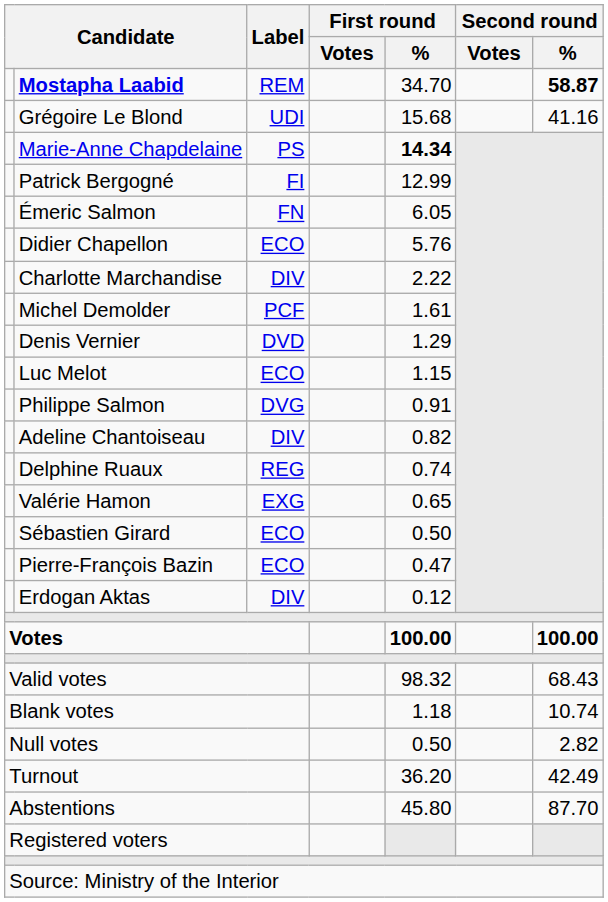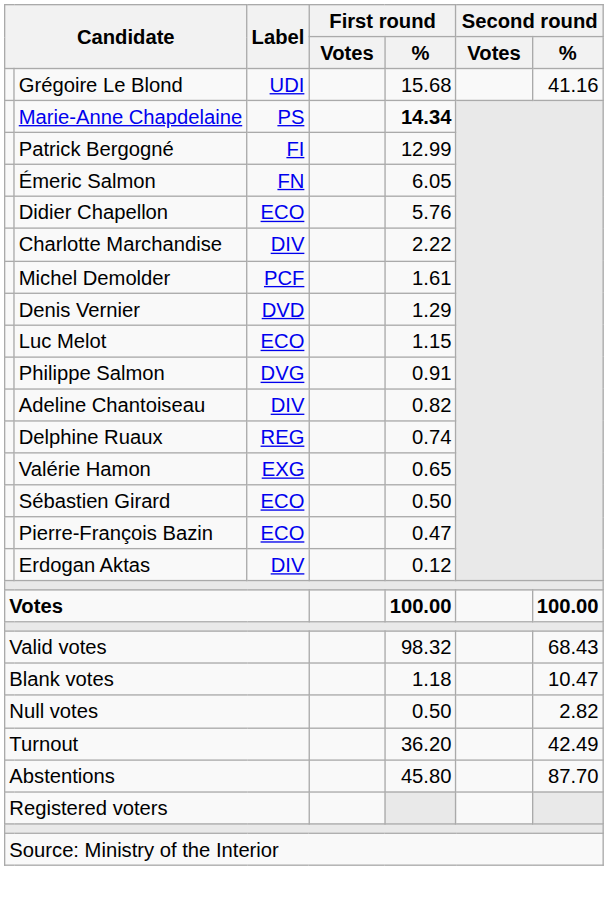 <table class="wikitable" style="text-align:right;font-size:95%;">
 <tr>
 <th rowspan="2" colspan="2">Candidate</th>
 <th rowspan="2">Label</th>
 <th colspan="2">First round</th>
 <th colspan="2">Second round</th>
 </tr>
 <tr>
 <th style="width:50px;">Votes</th>
 <th style="width:45px;">%</th>
 <th style="width:50px;">Votes</th>
 <th style="width:45px;">%</th>
-</tr>
-<tr>
-<td style="color:inherit;background:"></td>
-<td style="text-align:left;"><strong><a href='#'>Mostapha Laabid</a></strong></td>
-<td><a href='#'>REM</a></td>
-<td></td>
-<td>34.70</td>
-<td><strong></strong></td>
-<td><strong>58.87</strong></td>
 </tr>
 <tr>
 <td style="color:inherit;background:"></td>
 <td style="text-align:left;">Grégoire Le Blond</td>
 <td><a href='#'>UDI</a></td>
 <td></td>
 <td>15.68</td>
 <td></td>
 <td>41.16</td>
 </tr>
 <tr>
 <td style="color:inherit;background:"></td>
 <td style="text-align:left;"><a href='#'>Marie-Anne Chapdelaine</a></td>
 <td><a href='#'>PS</a></td>
 <td></td>
 <td><strong>14.34</strong></td>
 <td colspan="2" rowspan="15" style="background:#E9E9E9;"></td>
 </tr>
 <tr>
 <td style="color:inherit;background:"></td>
 <td style="text-align:left;">Patrick Bergogné</td>
 <td><a href='#'>FI</a></td>
 <td></td>
 <td>12.99</td>
 </tr>
 <tr>
 <td style="color:inherit;background:"></td>
 <td style="text-align:left;">Émeric Salmon</td>
 <td><a href='#'>FN</a></td>
 <td></td>
 <td>6.05</td>
 </tr>
 <tr>
 <td style="color:inherit;background:"></td>
 <td style="text-align:left;">Didier Chapellon</td>
 <td><a href='#'>ECO</a></td>
 <td></td>
 <td>5.76</td>
 </tr>
 <tr>
 <td style="color:inherit;background:"></td>
 <td style="text-align:left;">Charlotte Marchandise</td>
 <td><a href='#'>DIV</a></td>
 <td></td>
 <td>2.22</td>
 </tr>
 <tr>
 <td style="color:inherit;background:"></td>
 <td style="text-align:left;">Michel Demolder</td>
 <td><a href='#'>PCF</a></td>
 <td></td>
 <td>1.61</td>
 </tr>
 <tr>
 <td style="color:inherit;background:"></td>
 <td style="text-align:left;">Denis Vernier</td>
 <td><a href='#'>DVD</a></td>
 <td></td>
 <td>1.29</td>
 </tr>
 <tr>
 <td style="color:inherit;background:"></td>
 <td style="text-align:left;">Luc Melot</td>
 <td><a href='#'>ECO</a></td>
 <td></td>
 <td>1.15</td>
 </tr>
 <tr>
 <td style="color:inherit;background:"></td>
 <td style="text-align:left;">Philippe Salmon</td>
 <td><a href='#'>DVG</a></td>
 <td></td>
 <td>0.91</td>
 </tr>
 <tr>
 <td style="color:inherit;background:"></td>
 <td style="text-align:left;">Adeline Chantoiseau</td>
 <td><a href='#'>DIV</a></td>
 <td></td>
 <td>0.82</td>
 </tr>
 <tr>
 <td style="color:inherit;background:"></td>
 <td style="text-align:left;">Delphine Ruaux</td>
 <td><a href='#'>REG</a></td>
 <td></td>
 <td>0.74</td>
 </tr>
 <tr>
 <td style="color:inherit;background:"></td>
 <td style="text-align:left;">Valérie Hamon</td>
 <td><a href='#'>EXG</a></td>
 <td></td>
 <td>0.65</td>
 </tr>
 <tr>
 <td style="color:inherit;background:"></td>
 <td style="text-align:left;">Sébastien Girard</td>
 <td><a href='#'>ECO</a></td>
 <td></td>
 <td>0.50</td>
 </tr>
 <tr>
 <td style="color:inherit;background:"></td>
 <td style="text-align:left;">Pierre-François Bazin</td>
 <td><a href='#'>ECO</a></td>
 <td></td>
 <td>0.47</td>
 </tr>
 <tr>
 <td style="color:inherit;background:"></td>
 <td style="text-align:left;">Erdogan Aktas</td>
 <td><a href='#'>DIV</a></td>
 <td></td>
 <td>0.12</td>
 </tr>
 <tr>
 <td colspan="7" style="background:#E9E9E9;"></td>
 </tr>
 <tr style="font-weight:bold;">
 <td colspan="3" style="text-align:left;">Votes</td>
 <td></td>
 <td>100.00</td>
 <td></td>
 <td>100.00</td>
 </tr>
 <tr>
 <td colspan="7" style="background:#E9E9E9;"></td>
 </tr>
 <tr>
 <td colspan="3" style="text-align:left;">Valid votes</td>
 <td></td>
 <td>98.32</td>
 <td></td>
 <td>68.43</td>
 </tr>
 <tr>
 <td colspan="3" style="text-align:left;">Blank votes</td>
 <td></td>
 <td>1.18</td>
 <td></td>
-<td>10.74</td>
+<td>10.47</td>
 </tr>
 <tr>
 <td colspan="3" style="text-align:left;">Null votes</td>
 <td></td>
 <td>0.50</td>
 <td></td>
 <td>2.82</td>
 </tr>
 <tr>
 <td colspan="3" style="text-align:left;">Turnout</td>
 <td></td>
 <td>36.20</td>
 <td></td>
 <td>42.49</td>
 </tr>
 <tr>
 <td colspan="3" style="text-align:left;">Abstentions</td>
 <td></td>
 <td>45.80</td>
 <td></td>
 <td>87.70</td>
 </tr>
 <tr>
 <td colspan="3" style="text-align:left;">Registered voters</td>
 <td></td>
 <td style="color:inherit;background:#E9E9E9;"></td>
 <td></td>
 <td style="color:inherit;background:#E9E9E9;"></td>
 </tr>
 <tr>
 <td colspan="7" style="background:#E9E9E9;"></td>
 </tr>
 <tr>
 <td colspan="7" style="text-align:left;">Source: Ministry of the Interior</td>
 </tr>
 </table>
